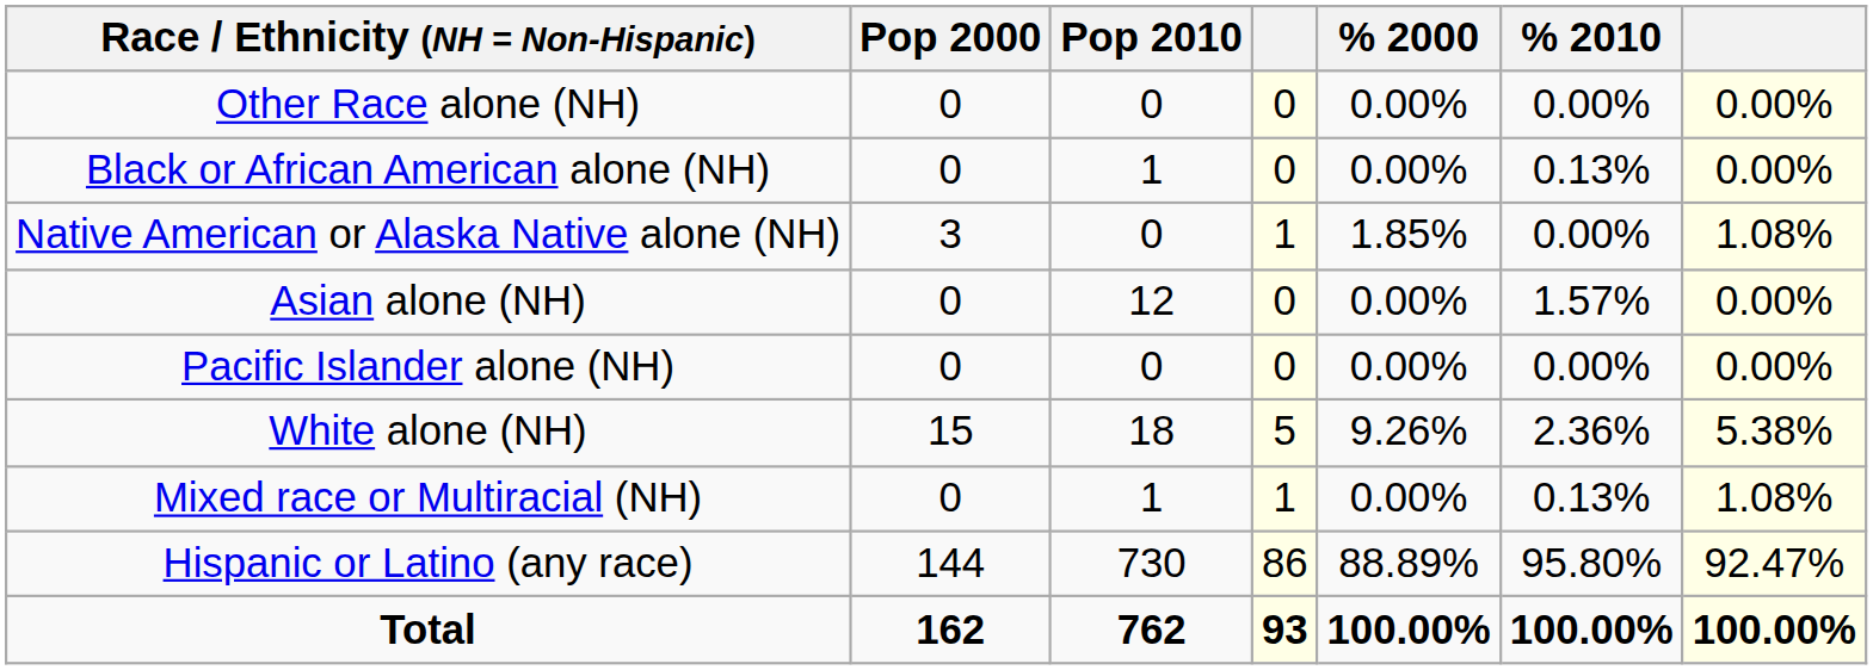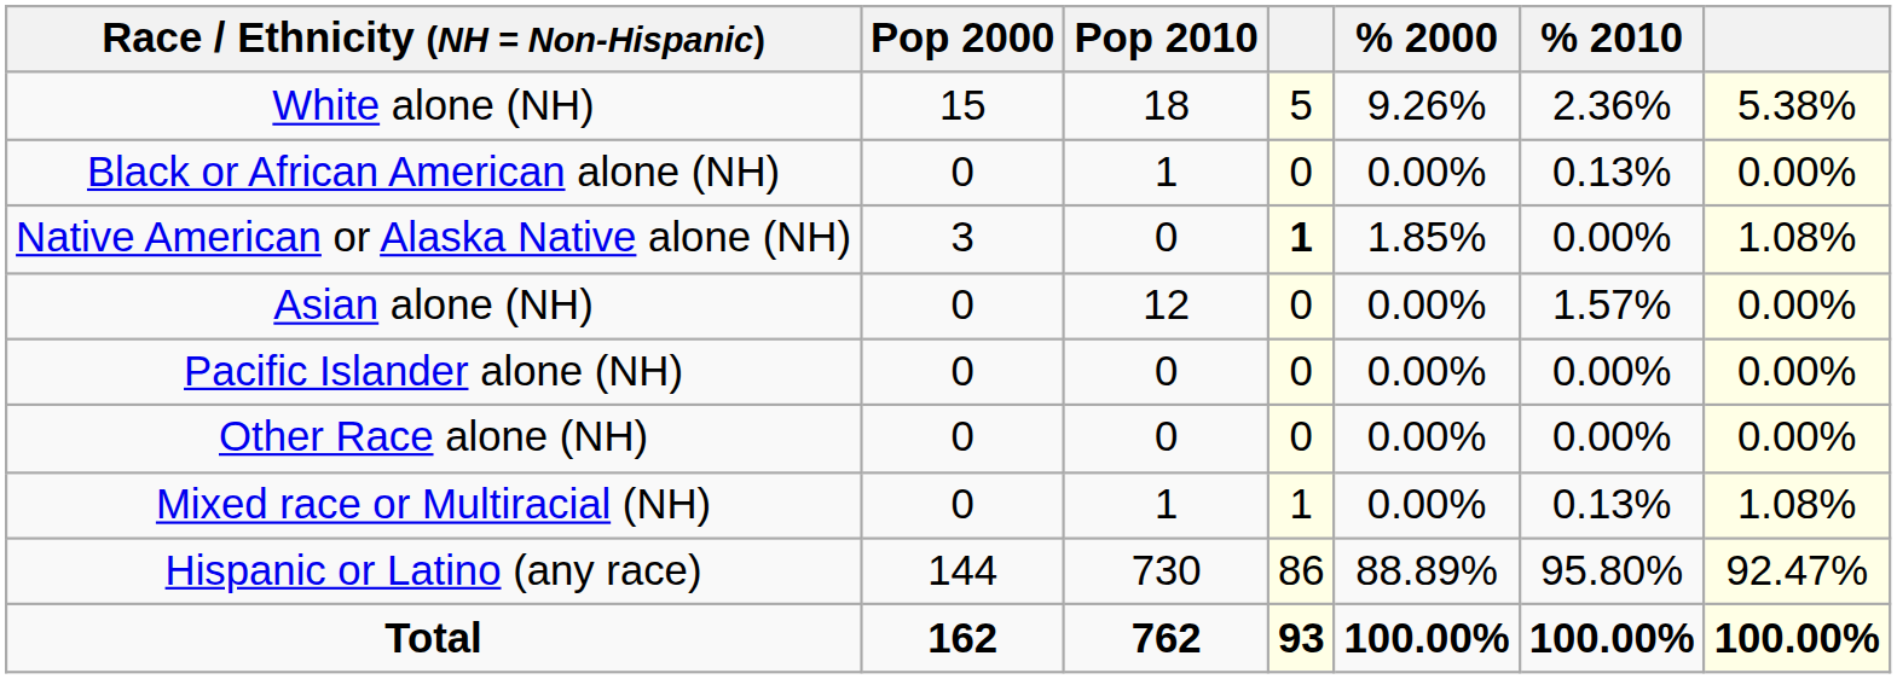 <table class="wikitable" style="text-align:center;">
 <tr>
 <th>Race / Ethnicity <small>(<em>NH = Non-Hispanic</em>)</small></th>
 <th>Pop 2000</th>
 <th>Pop 2010</th>
 <th></th>
 <th>% 2000</th>
 <th>% 2010</th>
 <th></th>
 </tr>
 <tr>
-<td><a href='#'>Other Race</a> alone (NH)</td>
-<td>0</td>
-<td>0</td>
-<td style='background: #ffffe6;'>0</td>
-<td>0.00%</td>
-<td>0.00%</td>
-<td style='background: #ffffe6;'>0.00%</td>
+<td><a href='#'>White</a> alone (NH)</td>
+<td>15</td>
+<td>18</td>
+<td style='background: #ffffe6;'>5</td>
+<td>9.26%</td>
+<td>2.36%</td>
+<td style='background: #ffffe6;'>5.38%</td>
 </tr>
 <tr>
 <td><a href='#'>Black or African American</a> alone (NH)</td>
 <td>0</td>
 <td>1</td>
 <td style='background: #ffffe6;'>0</td>
 <td>0.00%</td>
 <td>0.13%</td>
 <td style='background: #ffffe6;'>0.00%</td>
 </tr>
 <tr>
 <td><a href='#'>Native American</a> or <a href='#'>Alaska Native</a> alone (NH)</td>
 <td>3</td>
 <td>0</td>
-<td style='background: #ffffe6;'>1</td>
+<td style='background: #ffffe6;'><strong>1</strong></td>
 <td>1.85%</td>
 <td>0.00%</td>
 <td style='background: #ffffe6;'>1.08%</td>
 </tr>
 <tr>
 <td><a href='#'>Asian</a> alone (NH)</td>
 <td>0</td>
 <td>12</td>
 <td style='background: #ffffe6;'>0</td>
 <td>0.00%</td>
 <td>1.57%</td>
 <td style='background: #ffffe6;'>0.00%</td>
 </tr>
 <tr>
 <td><a href='#'>Pacific Islander</a> alone (NH)</td>
 <td>0</td>
 <td>0</td>
 <td style='background: #ffffe6;'>0</td>
 <td>0.00%</td>
 <td>0.00%</td>
 <td style='background: #ffffe6;'>0.00%</td>
 </tr>
 <tr>
-<td><a href='#'>White</a> alone (NH)</td>
-<td>15</td>
-<td>18</td>
-<td style='background: #ffffe6;'>5</td>
-<td>9.26%</td>
-<td>2.36%</td>
-<td style='background: #ffffe6;'>5.38%</td>
+<td><a href='#'>Other Race</a> alone (NH)</td>
+<td>0</td>
+<td>0</td>
+<td style='background: #ffffe6;'>0</td>
+<td>0.00%</td>
+<td>0.00%</td>
+<td style='background: #ffffe6;'>0.00%</td>
 </tr>
 <tr>
 <td><a href='#'>Mixed race or Multiracial</a> (NH)</td>
 <td>0</td>
 <td>1</td>
 <td style='background: #ffffe6;'>1</td>
 <td>0.00%</td>
 <td>0.13%</td>
 <td style='background: #ffffe6;'>1.08%</td>
 </tr>
 <tr>
 <td><a href='#'>Hispanic or Latino</a> (any race)</td>
 <td>144</td>
 <td>730</td>
 <td style='background: #ffffe6;'>86</td>
 <td>88.89%</td>
 <td>95.80%</td>
 <td style='background: #ffffe6;'>92.47%</td>
 </tr>
 <tr>
 <td><strong>Total</strong></td>
 <td><strong>162</strong></td>
 <td><strong>762</strong></td>
 <td style='background: #ffffe6;'><strong>93</strong></td>
 <td><strong>100.00%</strong></td>
 <td><strong>100.00%</strong></td>
 <td style='background: #ffffe6;'><strong>100.00%</strong></td>
 </tr>
 </table>
